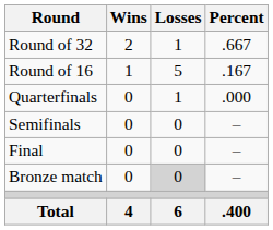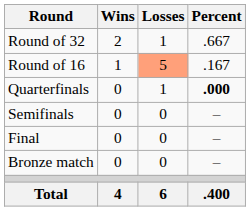 <table class=wikitable>
 <tr>
 <th>Round</th>
 <th>Wins</th>
 <th>Losses</th>
 <th>Percent</th>
 </tr>
 <tr align=center>
 <td align=left>Round of 32</td>
 <td>2</td>
 <td>1</td>
 <td>.667</td>
 </tr>
 <tr align=center>
 <td align=left>Round of 16</td>
 <td>1</td>
-<td>5</td>
+<td style="background: lightsalmon;">5</td>
 <td>.167</td>
 </tr>
 <tr align=center>
 <td align=left>Quarterfinals</td>
 <td>0</td>
 <td>1</td>
-<td>.000</td>
+<td><strong>.000</strong></td>
 </tr>
 <tr align=center>
 <td align=left>Semifinals</td>
 <td>0</td>
 <td>0</td>
 <td>–</td>
 </tr>
 <tr align=center>
 <td align=left>Final</td>
 <td>0</td>
 <td>0</td>
 <td>–</td>
 </tr>
 <tr align=center>
 <td align=left>Bronze match</td>
 <td>0</td>
-<td style="background: lightgrey;">0</td>
+<td>0</td>
 <td>–</td>
 </tr>
 <tr>
 <td colspan=4 bgcolor=lightgray></td>
 </tr>
 <tr>
 <th>Total</th>
 <th>4</th>
 <th>6</th>
 <th>.400</th>
 </tr>
 </table>
